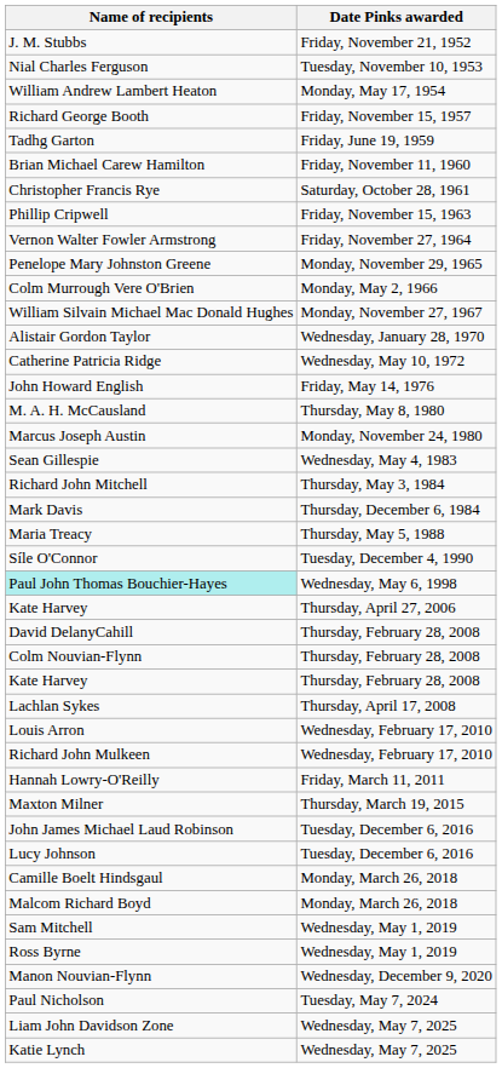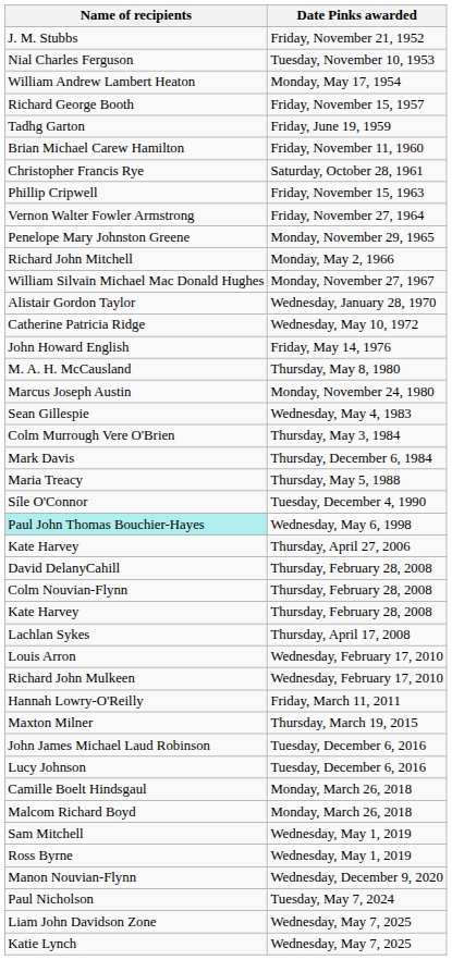 <table class="wikitable">
 <tr>
 <th>Name of recipients</th>
 <th>Date Pinks awarded</th>
 </tr>
 <tr>
 <td>J. M. Stubbs</td>
 <td>Friday, November 21, 1952</td>
 </tr>
 <tr>
 <td>Nial Charles Ferguson</td>
 <td>Tuesday, November 10, 1953</td>
 </tr>
 <tr>
 <td>William Andrew Lambert Heaton</td>
 <td>Monday, May 17, 1954</td>
 </tr>
 <tr>
 <td>Richard George Booth</td>
 <td>Friday, November 15, 1957</td>
 </tr>
 <tr>
 <td>Tadhg Garton</td>
 <td>Friday, June 19, 1959</td>
 </tr>
 <tr>
 <td>Brian Michael Carew Hamilton</td>
 <td>Friday, November 11, 1960</td>
 </tr>
 <tr>
 <td>Christopher Francis Rye</td>
 <td>Saturday, October 28, 1961</td>
 </tr>
 <tr>
 <td>Phillip Cripwell</td>
 <td>Friday, November 15, 1963</td>
 </tr>
 <tr>
 <td>Vernon Walter Fowler Armstrong</td>
 <td>Friday, November 27, 1964</td>
 </tr>
 <tr>
 <td>Penelope Mary Johnston Greene</td>
 <td>Monday, November 29, 1965</td>
 </tr>
 <tr>
-<td>Colm Murrough Vere O'Brien</td>
+<td>Richard John Mitchell</td>
 <td>Monday, May 2, 1966</td>
 </tr>
 <tr>
 <td>William Silvain Michael Mac Donald Hughes</td>
 <td>Monday, November 27, 1967</td>
 </tr>
 <tr>
 <td>Alistair Gordon Taylor</td>
 <td>Wednesday, January 28, 1970</td>
 </tr>
 <tr>
 <td>Catherine Patricia Ridge</td>
 <td>Wednesday, May 10, 1972</td>
 </tr>
 <tr>
 <td>John Howard English</td>
 <td>Friday, May 14, 1976</td>
 </tr>
 <tr>
 <td>M. A. H. McCausland</td>
 <td>Thursday, May 8, 1980</td>
 </tr>
 <tr>
 <td>Marcus Joseph Austin</td>
 <td>Monday, November 24, 1980</td>
 </tr>
 <tr>
 <td>Sean Gillespie</td>
 <td>Wednesday, May 4, 1983</td>
 </tr>
 <tr>
-<td>Richard John Mitchell</td>
+<td>Colm Murrough Vere O'Brien</td>
 <td>Thursday, May 3, 1984</td>
 </tr>
 <tr>
 <td>Mark Davis</td>
 <td>Thursday, December 6, 1984</td>
 </tr>
 <tr>
 <td>Maria Treacy</td>
 <td>Thursday, May 5, 1988</td>
 </tr>
 <tr>
 <td>Síle O'Connor</td>
 <td>Tuesday, December 4, 1990</td>
 </tr>
 <tr>
 <td style="background: paleturquoise;">Paul John Thomas Bouchier-Hayes</td>
 <td>Wednesday, May 6, 1998</td>
 </tr>
 <tr>
 <td>Kate Harvey</td>
 <td>Thursday, April 27, 2006</td>
 </tr>
 <tr>
 <td>David DelanyCahill</td>
 <td>Thursday, February 28, 2008</td>
 </tr>
 <tr>
 <td>Colm Nouvian-Flynn</td>
 <td>Thursday, February 28, 2008</td>
 </tr>
 <tr>
 <td>Kate Harvey</td>
 <td>Thursday, February 28, 2008</td>
 </tr>
 <tr>
 <td>Lachlan Sykes</td>
 <td>Thursday, April 17, 2008</td>
 </tr>
 <tr>
 <td>Louis Arron</td>
 <td>Wednesday, February 17, 2010</td>
 </tr>
 <tr>
 <td>Richard John Mulkeen</td>
 <td>Wednesday, February 17, 2010</td>
 </tr>
 <tr>
 <td>Hannah Lowry-O'Reilly</td>
 <td>Friday, March 11, 2011</td>
 </tr>
 <tr>
 <td>Maxton Milner</td>
 <td>Thursday, March 19, 2015</td>
 </tr>
 <tr>
 <td>John James Michael Laud Robinson</td>
 <td>Tuesday, December 6, 2016</td>
 </tr>
 <tr>
 <td>Lucy Johnson</td>
 <td>Tuesday, December 6, 2016</td>
 </tr>
 <tr>
 <td>Camille Boelt Hindsgaul</td>
 <td>Monday, March 26, 2018</td>
 </tr>
 <tr>
 <td>Malcom Richard Boyd</td>
 <td>Monday, March 26, 2018</td>
 </tr>
 <tr>
 <td>Sam Mitchell</td>
 <td>Wednesday, May 1, 2019</td>
 </tr>
 <tr>
 <td>Ross Byrne</td>
 <td>Wednesday, May 1, 2019</td>
 </tr>
 <tr>
 <td>Manon Nouvian-Flynn</td>
 <td>Wednesday, December 9, 2020</td>
 </tr>
 <tr>
 <td>Paul Nicholson</td>
 <td>Tuesday, May 7, 2024</td>
 </tr>
 <tr>
 <td>Liam John Davidson Zone</td>
 <td>Wednesday, May 7, 2025</td>
 </tr>
 <tr>
 <td>Katie Lynch</td>
 <td>Wednesday, May 7, 2025</td>
 </tr>
 </table>
